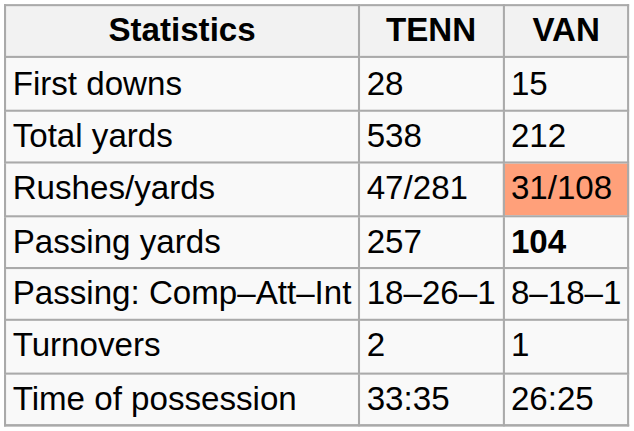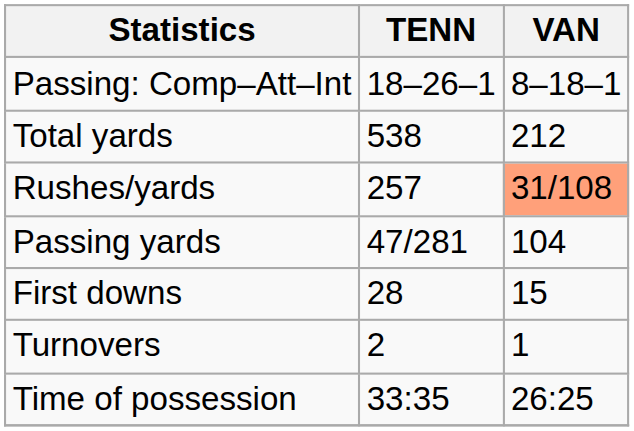 <table class="wikitable" style="float: left;">
 <tr>
 <th>Statistics</th>
 <th>TENN</th>
 <th>VAN</th>
 </tr>
 <tr>
-<td>First downs</td>
-<td>28</td>
-<td>15</td>
+<td>Passing: Comp–Att–Int</td>
+<td>18–26–1</td>
+<td>8–18–1</td>
 </tr>
 <tr>
 <td>Total yards</td>
 <td>538</td>
 <td>212</td>
 </tr>
 <tr>
 <td>Rushes/yards</td>
-<td>47/281</td>
+<td>257</td>
 <td style="background: lightsalmon;">31/108</td>
 </tr>
 <tr>
 <td>Passing yards</td>
-<td>257</td>
-<td><strong>104</strong></td>
+<td>47/281</td>
+<td>104</td>
 </tr>
 <tr>
-<td>Passing: Comp–Att–Int</td>
-<td>18–26–1</td>
-<td>8–18–1</td>
+<td>First downs</td>
+<td>28</td>
+<td>15</td>
 </tr>
 <tr>
 <td>Turnovers</td>
 <td>2</td>
 <td>1</td>
 </tr>
 <tr>
 <td>Time of possession</td>
 <td>33:35</td>
 <td>26:25</td>
 </tr>
 <tr>
 </tr>
 </table>
